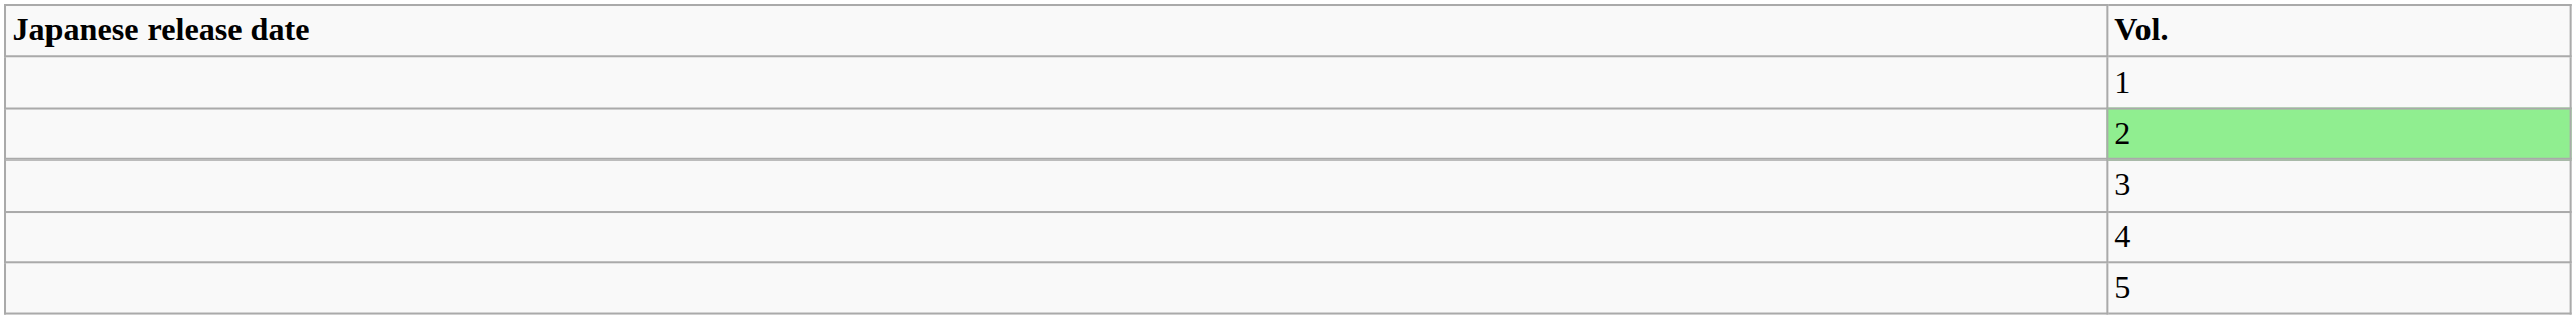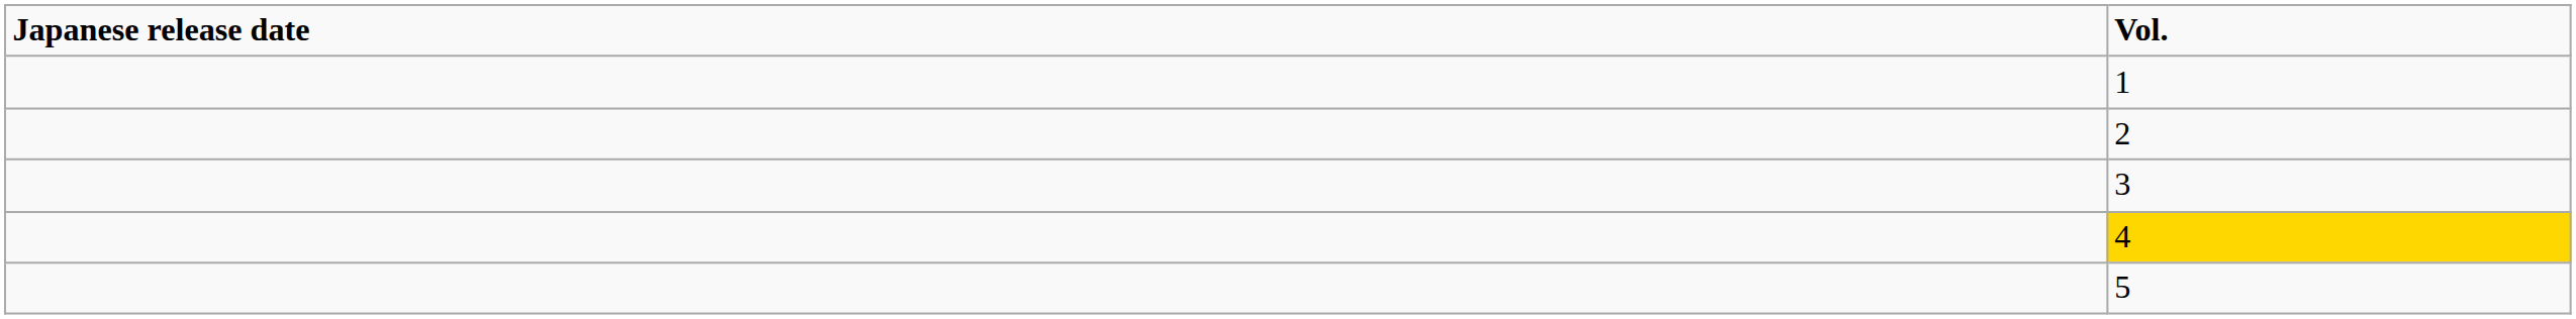 <table class="wikitable" width="100%">
 <tr>
 <td><strong>Japanese release date</strong></td>
 <td><strong>Vol.</strong></td>
 </tr>
 <tr>
 <td></td>
 <td>1</td>
 </tr>
 <tr>
 <td></td>
-<td style="background: lightgreen;">2</td>
+<td>2</td>
 </tr>
 <tr>
 <td></td>
 <td>3</td>
 </tr>
 <tr>
 <td></td>
-<td>4</td>
+<td style="background: gold;">4</td>
 </tr>
 <tr>
 <td></td>
 <td>5</td>
 </tr>
 </table>
